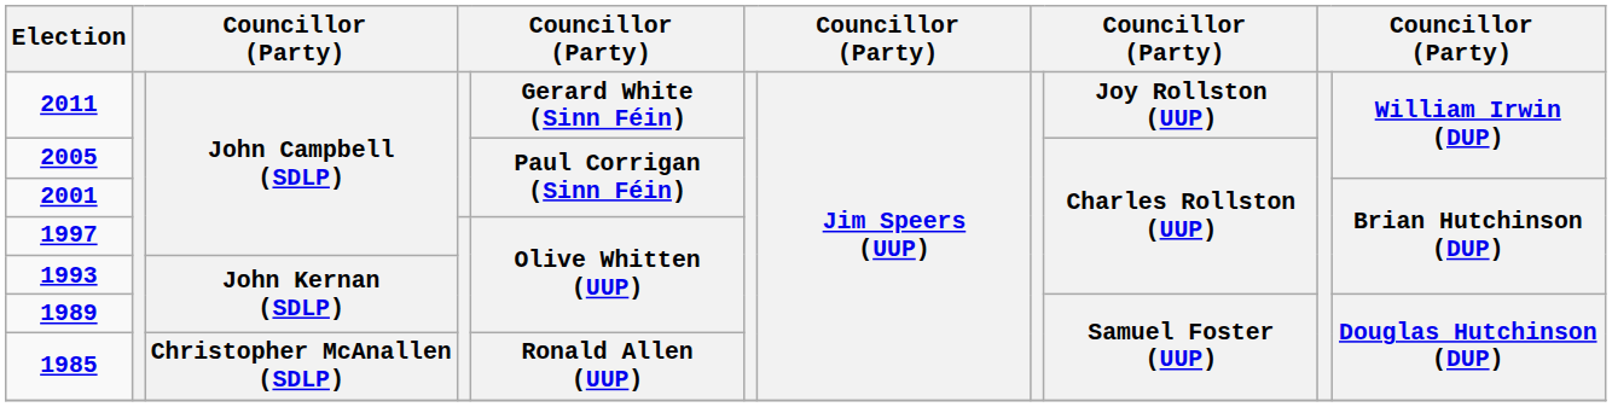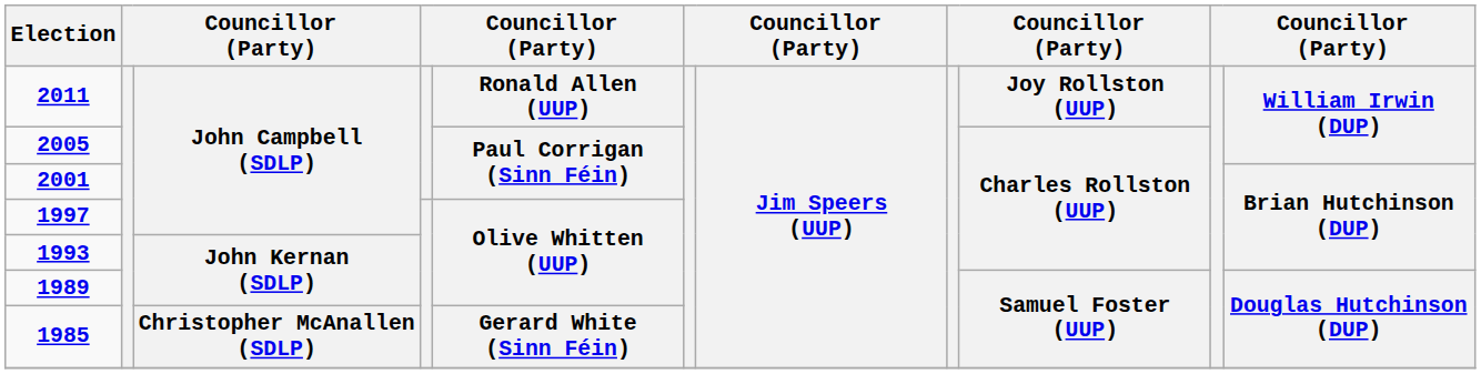 <table class="wikitable" style="text-align:center">
 <tr>
 <th scope="col" width="50">Election</th>
 <th scope="col" width="150" colspan = "2">Councillor<br> (Party)</th>
 <th scope="col" width="150" colspan = "2">Councillor<br> (Party)</th>
 <th scope="col" width="150" colspan = "2">Councillor<br> (Party)</th>
 <th scope="col" width="150" colspan = "2">Councillor<br> (Party)</th>
 <th scope="col" width="150" colspan = "2">Councillor<br> (Party)</th>
 </tr>
 <tr>
 <td><strong><a href='#'>2011</a></strong></td>
 <th rowspan="7" width="1" style="background-color: "></th>
 <th rowspan = "4">John Campbell <br> (<a href='#'>SDLP</a>)</th>
 <th rowspan="3" width="1" style="background-color: "></th>
-<th rowspan = "1">Gerard White <br> (<a href='#'>Sinn Féin</a>)</th>
+<th rowspan = "1">Ronald Allen <br> (<a href='#'>UUP</a>)</th>
 <th rowspan="7" width="1" style="background-color: "></th>
 <th rowspan = "7"><a href='#'>Jim Speers</a> <br> (<a href='#'>UUP</a>)</th>
 <th rowspan="7" width="1" style="background-color: "></th>
 <th rowspan = "1">Joy Rollston <br> (<a href='#'>UUP</a>)</th>
 <th rowspan="7" width="1" style="background-color: "></th>
 <th rowspan = "2"><a href='#'>William Irwin</a> <br> (<a href='#'>DUP</a>)</th>
 </tr>
 <tr>
 <td><strong><a href='#'>2005</a></strong></td>
 <th rowspan = "2">Paul Corrigan <br> (<a href='#'>Sinn Féin</a>)</th>
 <th rowspan = "4">Charles Rollston <br> (<a href='#'>UUP</a>)</th>
 </tr>
 <tr>
 <td><strong><a href='#'>2001</a></strong></td>
 <th rowspan = "3">Brian Hutchinson <br> (<a href='#'>DUP</a>)</th>
 </tr>
 <tr>
 <td><strong><a href='#'>1997</a></strong></td>
 <th rowspan="4" width="1" style="background-color: "></th>
 <th rowspan = "3">Olive Whitten <br> (<a href='#'>UUP</a>)</th>
 </tr>
 <tr>
 <td><strong><a href='#'>1993</a></strong></td>
 <th rowspan = "2">John Kernan <br> (<a href='#'>SDLP</a>)</th>
 </tr>
 <tr>
 <td><strong><a href='#'>1989</a></strong></td>
 <th rowspan = "2">Samuel Foster <br> (<a href='#'>UUP</a>)</th>
 <th rowspan = "2"><a href='#'>Douglas Hutchinson</a> <br> (<a href='#'>DUP</a>)</th>
 </tr>
 <tr>
 <td><strong><a href='#'>1985</a></strong></td>
 <th rowspan = "1">Christopher McAnallen <br> (<a href='#'>SDLP</a>)</th>
-<th rowspan = "1">Ronald Allen <br> (<a href='#'>UUP</a>)</th>
+<th rowspan = "1">Gerard White <br> (<a href='#'>Sinn Féin</a>)</th>
 </tr>
 <tr>
 </tr>
 </table>
